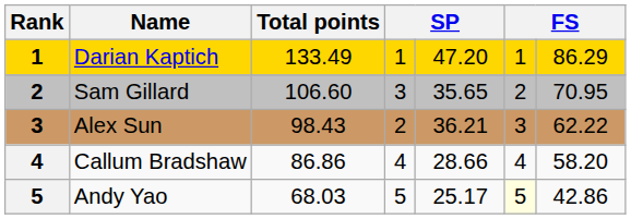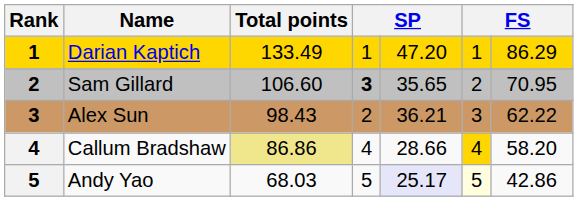 <table class="wikitable sortable">
 <tr>
 <th>Rank</th>
 <th>Name</th>
 <th>Total points</th>
 <th colspan="2" width="80px"><a href='#'>SP</a></th>
 <th colspan="2" width="80px"><a href='#'>FS</a></th>
 </tr>
 <tr bgcolor="gold">
 <td align="center"><strong>1</strong></td>
 <td><a href='#'>Darian Kaptich</a></td>
 <td align="center">133.49</td>
 <td align="center">1</td>
 <td align="center">47.20</td>
 <td align="center">1</td>
 <td align="center">86.29</td>
 </tr>
 <tr bgcolor="silver">
 <td align="center"><strong>2</strong></td>
 <td>Sam Gillard</td>
 <td align="center">106.60</td>
-<td align="center">3</td>
+<td align="center"><strong>3</strong></td>
 <td align="center">35.65</td>
 <td align="center">2</td>
 <td align="center">70.95</td>
 </tr>
 <tr bgcolor="cc9966">
 <td align="center"><strong>3</strong></td>
 <td>Alex Sun</td>
 <td align="center">98.43</td>
 <td align="center">2</td>
 <td align="center">36.21</td>
 <td align="center">3</td>
 <td align="center">62.22</td>
 </tr>
 <tr>
 <th>4</th>
 <td>Callum Bradshaw</td>
-<td align="center">86.86</td>
+<td align="center" style="background: khaki;">86.86</td>
 <td align="center">4</td>
 <td align="center">28.66</td>
-<td align="center">4</td>
+<td align="center" style="background: gold;">4</td>
 <td align="center">58.20</td>
 </tr>
 <tr>
 <th>5</th>
 <td>Andy Yao</td>
 <td align="center">68.03</td>
 <td align="center">5</td>
-<td align="center">25.17</td>
+<td align="center" style="background: lavender;">25.17</td>
 <td align="center" style="background: lightyellow;">5</td>
 <td align="center">42.86</td>
 </tr>
 </table>
